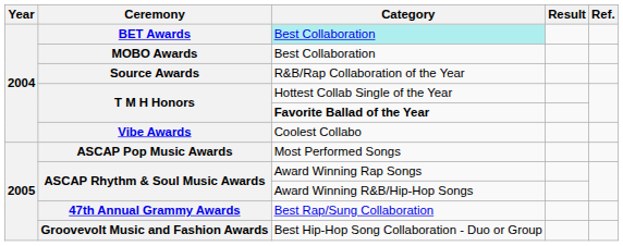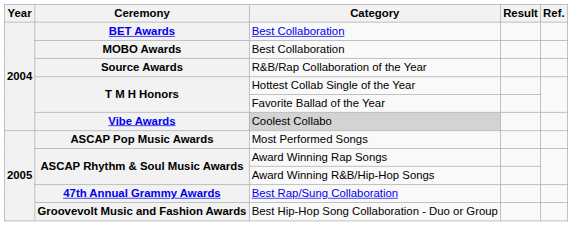 <table class="wikitable plainrowheaders sortable">
 <tr>
 <th scope="col">Year</th>
 <th scope="col">Ceremony</th>
 <th scope="col">Category</th>
 <th scope="col">Result</th>
 <th scope="col" class="unsortable">Ref.</th>
 </tr>
 <tr>
 <th scope="row" rowspan="6">2004</th>
 <th scope="row"><a href='#'>BET Awards</a></th>
-<td style="background: paleturquoise;"><a href='#'>Best Collaboration</a></td>
+<td><a href='#'>Best Collaboration</a></td>
 <td></td>
 <td style="text-align:center;"></td>
 </tr>
 <tr>
 <th scope="row">MOBO Awards</th>
 <td>Best Collaboration</td>
 <td></td>
 <td style="text-align:center;"></td>
 </tr>
 <tr>
 <th scope="row">Source Awards</th>
 <td>R&B/Rap Collaboration of the Year</td>
 <td></td>
 <td style="text-align:center;"></td>
 </tr>
 <tr>
 <th scope="row" rowspan="2">T M H Honors</th>
 <td>Hottest Collab Single of the Year</td>
 <td></td>
 <td rowspan="2" align="center"></td>
 </tr>
 <tr>
-<td><strong>Favorite Ballad of the Year</strong></td>
+<td>Favorite Ballad of the Year</td>
 <td></td>
 </tr>
 <tr>
 <th scope="row"><a href='#'>Vibe Awards</a></th>
-<td>Coolest Collabo</td>
+<td style="background: lightgrey;">Coolest Collabo</td>
 <td></td>
 <td style="text-align:center;"></td>
 </tr>
 <tr>
 <th scope="row" rowspan="5">2005</th>
 <th scope="row">ASCAP Pop Music Awards</th>
 <td>Most Performed Songs</td>
 <td></td>
 <td style="text-align:center;"></td>
 </tr>
 <tr>
 <th scope="row" rowspan="2">ASCAP Rhythm & Soul Music Awards</th>
 <td>Award Winning Rap Songs</td>
 <td></td>
 <td rowspan="2" align="center"></td>
 </tr>
 <tr>
 <td>Award Winning R&B/Hip-Hop Songs</td>
 <td></td>
 </tr>
 <tr>
 <th scope="row"><a href='#'>47th Annual Grammy Awards</a></th>
 <td><a href='#'>Best Rap/Sung Collaboration</a></td>
 <td></td>
 <td style="text-align:center;"></td>
 </tr>
 <tr>
 <th scope="row">Groovevolt Music and Fashion Awards</th>
 <td>Best Hip-Hop Song Collaboration - Duo or Group</td>
 <td></td>
 <td style="text-align:center;"></td>
 </tr>
 </table>
